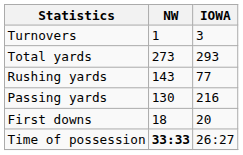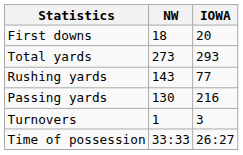 <table class="wikitable">
 <tr>
 <th>Statistics</th>
 <th>NW</th>
 <th>IOWA</th>
 </tr>
 <tr>
-<td>Turnovers</td>
-<td>1</td>
-<td>3</td>
+<td>First downs</td>
+<td>18</td>
+<td>20</td>
 </tr>
 <tr>
 <td>Total yards</td>
 <td>273</td>
 <td>293</td>
 </tr>
 <tr>
 <td>Rushing yards</td>
 <td>143</td>
 <td>77</td>
 </tr>
 <tr>
 <td>Passing yards</td>
 <td>130</td>
 <td>216</td>
 </tr>
 <tr>
-<td>First downs</td>
-<td>18</td>
-<td>20</td>
+<td>Turnovers</td>
+<td>1</td>
+<td>3</td>
 </tr>
 <tr>
 <td>Time of possession</td>
-<td><strong>33:33</strong></td>
+<td>33:33</td>
 <td>26:27</td>
 </tr>
 <tr>
 </tr>
 </table>
